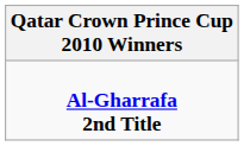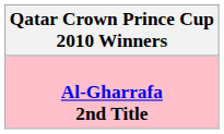 <table class="wikitable" style="text-align: center; margin: 0 auto;">
 <tr>
 <th>Qatar Crown Prince Cup <br>2010 Winners</th>
 </tr>
 <tr>
-<td><br><strong><a href='#'>Al-Gharrafa</a></strong><br><strong>2nd Title</strong></td>
+<td style="background: pink;"><br><strong><a href='#'>Al-Gharrafa</a></strong><br><strong>2nd Title</strong></td>
 </tr>
 </table>
